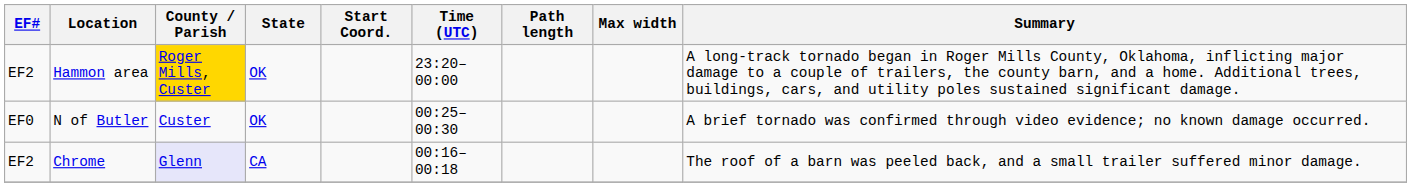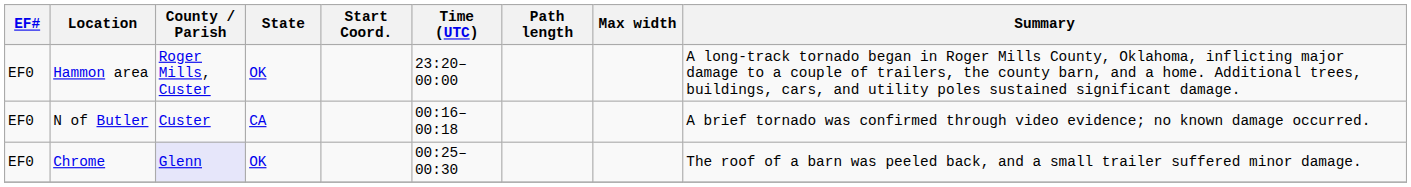 <table class="wikitable sortable" style="width:100%;">
 <tr>
 <th scope="col" width="3%" align="center"><a href='#'>EF#</a></th>
 <th scope="col" width="7%" align="center" class="unsortable">Location</th>
 <th scope="col" width="6%" align="center" class="unsortable">County / Parish</th>
 <th scope="col" width="5%" align="center">State</th>
 <th scope="col" width="6%" align="center">Start Coord.</th>
 <th scope="col" width="6%" align="center">Time (<a href='#'>UTC</a>)</th>
 <th scope="col" width="6%" align="center">Path length</th>
 <th scope="col" width="6%" align="center">Max width</th>
 <th scope="col" width="48%" class="unsortable" align="center">Summary</th>
 </tr>
 <tr>
-<td>EF2</td>
+<td>EF0</td>
 <td><a href='#'>Hammon</a> area</td>
-<td style="background: gold;"><a href='#'>Roger Mills</a>, <a href='#'>Custer</a></td>
+<td><a href='#'>Roger Mills</a>, <a href='#'>Custer</a></td>
 <td><a href='#'>OK</a></td>
 <td></td>
 <td>23:20–00:00</td>
 <td></td>
 <td></td>
 <td>A long-track tornado began in Roger Mills County, Oklahoma, inflicting major damage to a couple of trailers, the county barn, and a home. Additional trees, buildings, cars, and utility poles sustained significant damage.</td>
 </tr>
 <tr>
 <td>EF0</td>
 <td>N of <a href='#'>Butler</a></td>
 <td><a href='#'>Custer</a></td>
-<td><a href='#'>OK</a></td>
+<td><a href='#'>CA</a></td>
 <td></td>
-<td>00:25–00:30</td>
+<td>00:16–00:18</td>
 <td></td>
 <td></td>
 <td>A brief tornado was confirmed through video evidence; no known damage occurred.</td>
 </tr>
 <tr>
-<td>EF2</td>
+<td>EF0</td>
 <td><a href='#'>Chrome</a></td>
 <td style="background: lavender;"><a href='#'>Glenn</a></td>
-<td><a href='#'>CA</a></td>
+<td><a href='#'>OK</a></td>
 <td></td>
-<td>00:16–00:18</td>
+<td>00:25–00:30</td>
 <td></td>
 <td></td>
 <td>The roof of a barn was peeled back, and a small trailer suffered minor damage.</td>
 </tr>
 <tr>
 </tr>
 </table>
